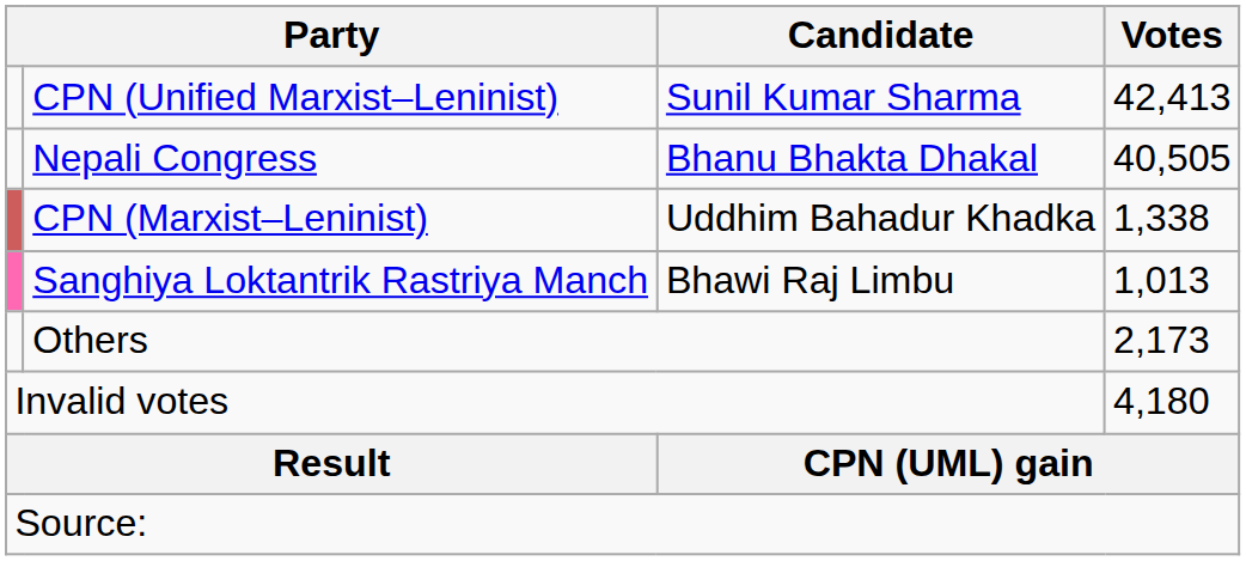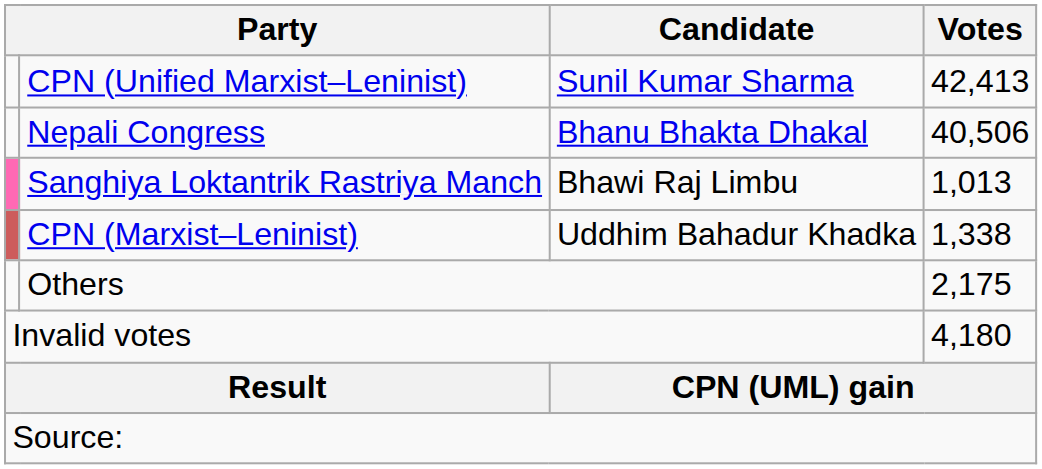 <table class="wikitable">
 <tr>
 <th colspan="2">Party</th>
 <th>Candidate</th>
 <th>Votes</th>
 </tr>
 <tr>
 <td style="background-color:"></td>
 <td><a href='#'>CPN (Unified Marxist–Leninist)</a></td>
 <td><a href='#'>Sunil Kumar Sharma</a></td>
 <td>42,413</td>
 </tr>
 <tr>
 <td style="background-color:"></td>
 <td><a href='#'>Nepali Congress</a></td>
 <td><a href='#'>Bhanu Bhakta Dhakal</a></td>
-<td>40,505</td>
+<td>40,506</td>
+</tr>
+<tr>
+<td style="background-color:hotpink"></td>
+<td><a href='#'>Sanghiya Loktantrik Rastriya Manch</a></td>
+<td>Bhawi Raj Limbu</td>
+<td>1,013</td>
 </tr>
 <tr>
 <td style="background-color:indianred"></td>
 <td><a href='#'>CPN (Marxist–Leninist)</a></td>
 <td>Uddhim Bahadur Khadka</td>
 <td>1,338</td>
 </tr>
 <tr>
-<td style="background-color:hotpink"></td>
-<td><a href='#'>Sanghiya Loktantrik Rastriya Manch</a></td>
-<td>Bhawi Raj Limbu</td>
-<td>1,013</td>
-</tr>
-<tr>
 <td></td>
 <td colspan="2">Others</td>
-<td>2,173</td>
+<td>2,175</td>
 </tr>
 <tr>
 <td colspan="3">Invalid votes</td>
 <td>4,180</td>
 </tr>
 <tr>
 <th colspan="2">Result</th>
 <th colspan="2">CPN (UML) gain</th>
 </tr>
 <tr>
 <td colspan="4">Source: </td>
 </tr>
 </table>
